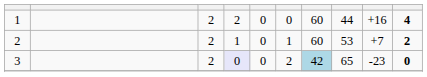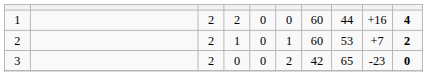 <table class="wikitable" style="text-align:center; font-size:95%">
 <tr>
 <th width="25"></th>
 <th width="200"></th>
 <th width="25"></th>
 <th width="25"></th>
 <th width="25"></th>
 <th width="25"></th>
 <th width="30"></th>
 <th width="30"></th>
 <th width="30"></th>
 <th width="30"></th>
 </tr>
 <tr style="background:#">
 <td>1</td>
 <td style="text-align:left"></td>
 <td>2</td>
 <td>2</td>
 <td>0</td>
 <td>0</td>
 <td>60</td>
 <td>44</td>
 <td>+16</td>
 <td><strong>4</strong></td>
 </tr>
 <tr style="background:#">
 <td>2</td>
 <td style="text-align:left"></td>
 <td>2</td>
 <td>1</td>
 <td>0</td>
 <td>1</td>
 <td>60</td>
 <td>53</td>
 <td>+7</td>
 <td><strong>2</strong></td>
 </tr>
 <tr>
 <td>3</td>
 <td style="text-align:left"></td>
 <td>2</td>
-<td style="background: lavender;">0</td>
+<td>0</td>
 <td>0</td>
 <td>2</td>
-<td style="background: lightblue;">42</td>
+<td>42</td>
 <td>65</td>
 <td>-23</td>
 <td><strong>0</strong></td>
 </tr>
 <tr>
 </tr>
 <tr>
 </tr>
 </table>
